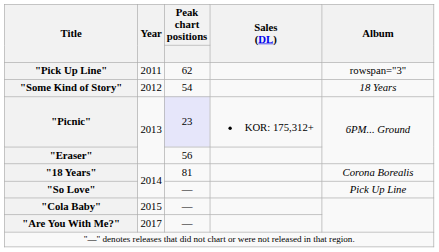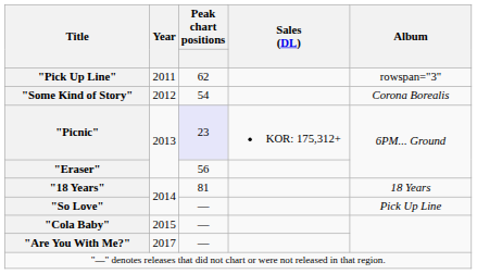 <table class="wikitable plainrowheaders" style="text-align:center;">
 <tr>
 <th rowspan="2" style="width:12em">Title</th>
 <th rowspan="2">Year</th>
 <th scope="col" style="width:2em">Peak chart positions</th>
 <th rowspan="2" style="width:10em;">Sales<br>(<a href='#'>DL</a>)</th>
 <th rowspan="2" style="width:10em">Album</th>
 </tr>
 <tr>
 <th><br></th>
 </tr>
 <tr>
 <th scope="row">"Pick Up Line" </th>
 <td>2011</td>
 <td>62</td>
 <td></td>
 <td>rowspan="3" </td>
 </tr>
 <tr>
 <th scope="row">"Some Kind of Story" </th>
 <td>2012</td>
 <td>54</td>
 <td></td>
-<td><em>18 Years</em></td>
+<td><em>Corona Borealis</em></td>
 </tr>
 <tr>
 <th scope="row">"Picnic" </th>
 <td rowspan="2">2013</td>
 <td style="background: lavender;">23</td>
 <td><br><ul><li>KOR: 175,312+</li></ul></td>
 <td rowspan="2"><em>6PM... Ground</em></td>
 </tr>
 <tr>
 <th scope="row">"Eraser" </th>
 <td>56</td>
 <td></td>
 </tr>
 <tr>
 <th scope="row">"18 Years" </th>
 <td rowspan="2">2014</td>
 <td>81</td>
 <td></td>
-<td><em>Corona Borealis</em></td>
+<td><em>18 Years</em></td>
 </tr>
 <tr>
 <th scope="row">"So Love"</th>
 <td>—</td>
 <td></td>
 <td><em>Pick Up Line</em></td>
 </tr>
 <tr>
 <th scope=row>"Cola Baby"</th>
 <td>2015</td>
 <td>—</td>
 <td></td>
 </tr>
 <tr>
 <th scope="row">"Are You With Me?"</th>
 <td>2017</td>
 <td>—</td>
 <td></td>
 </tr>
 <tr>
 <td colspan="5" style="font-size:85%;">"—" denotes releases that did not chart or were not released in that region.</td>
 </tr>
 </table>
